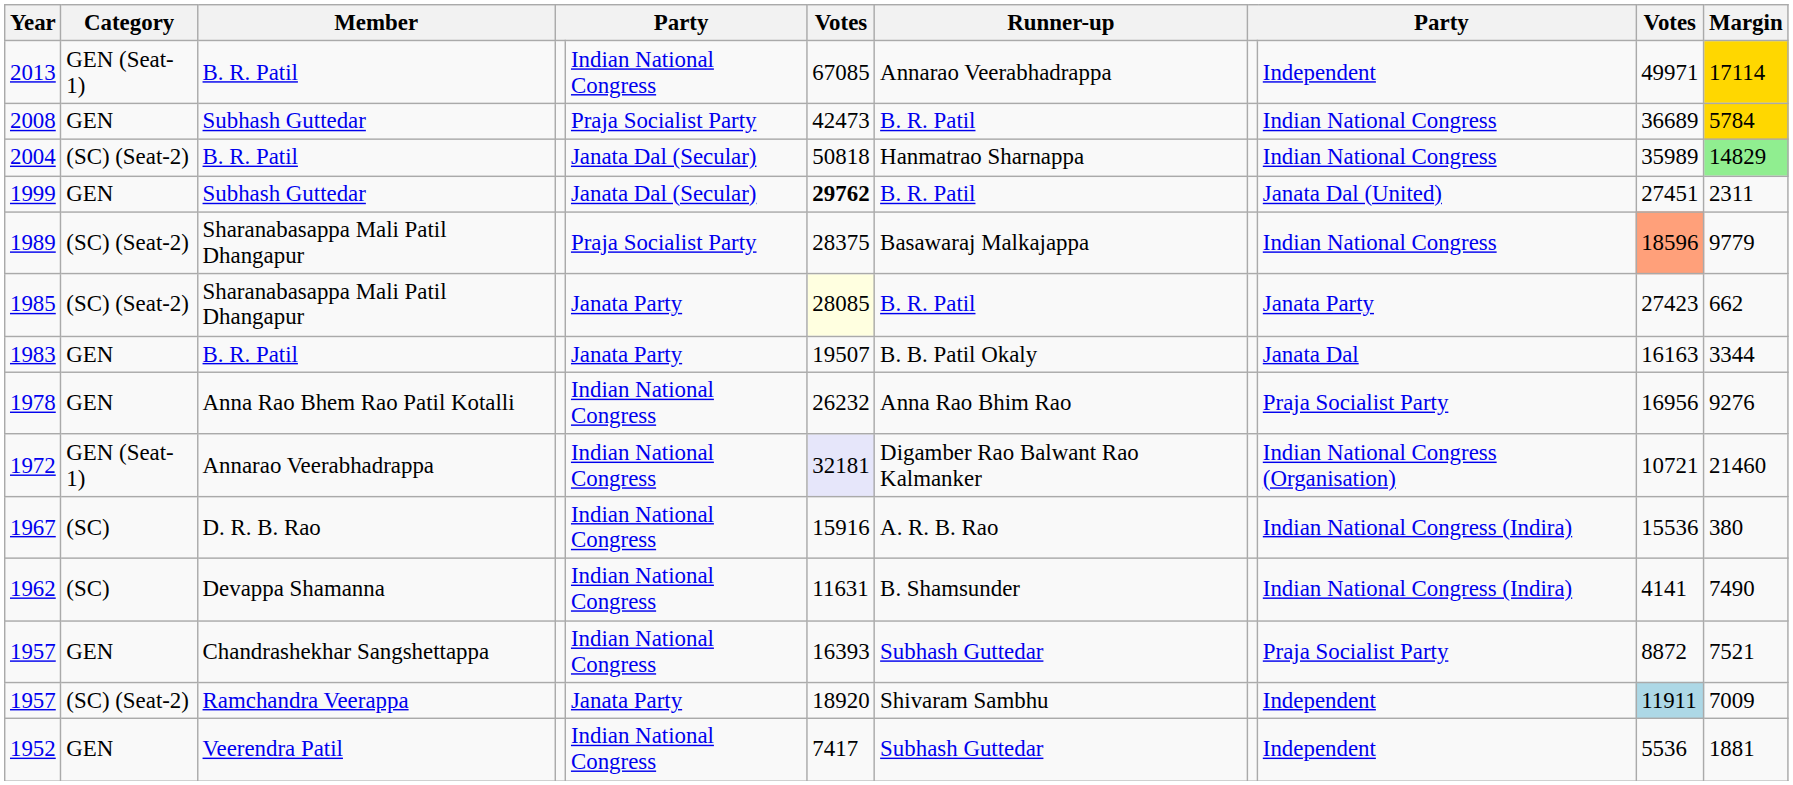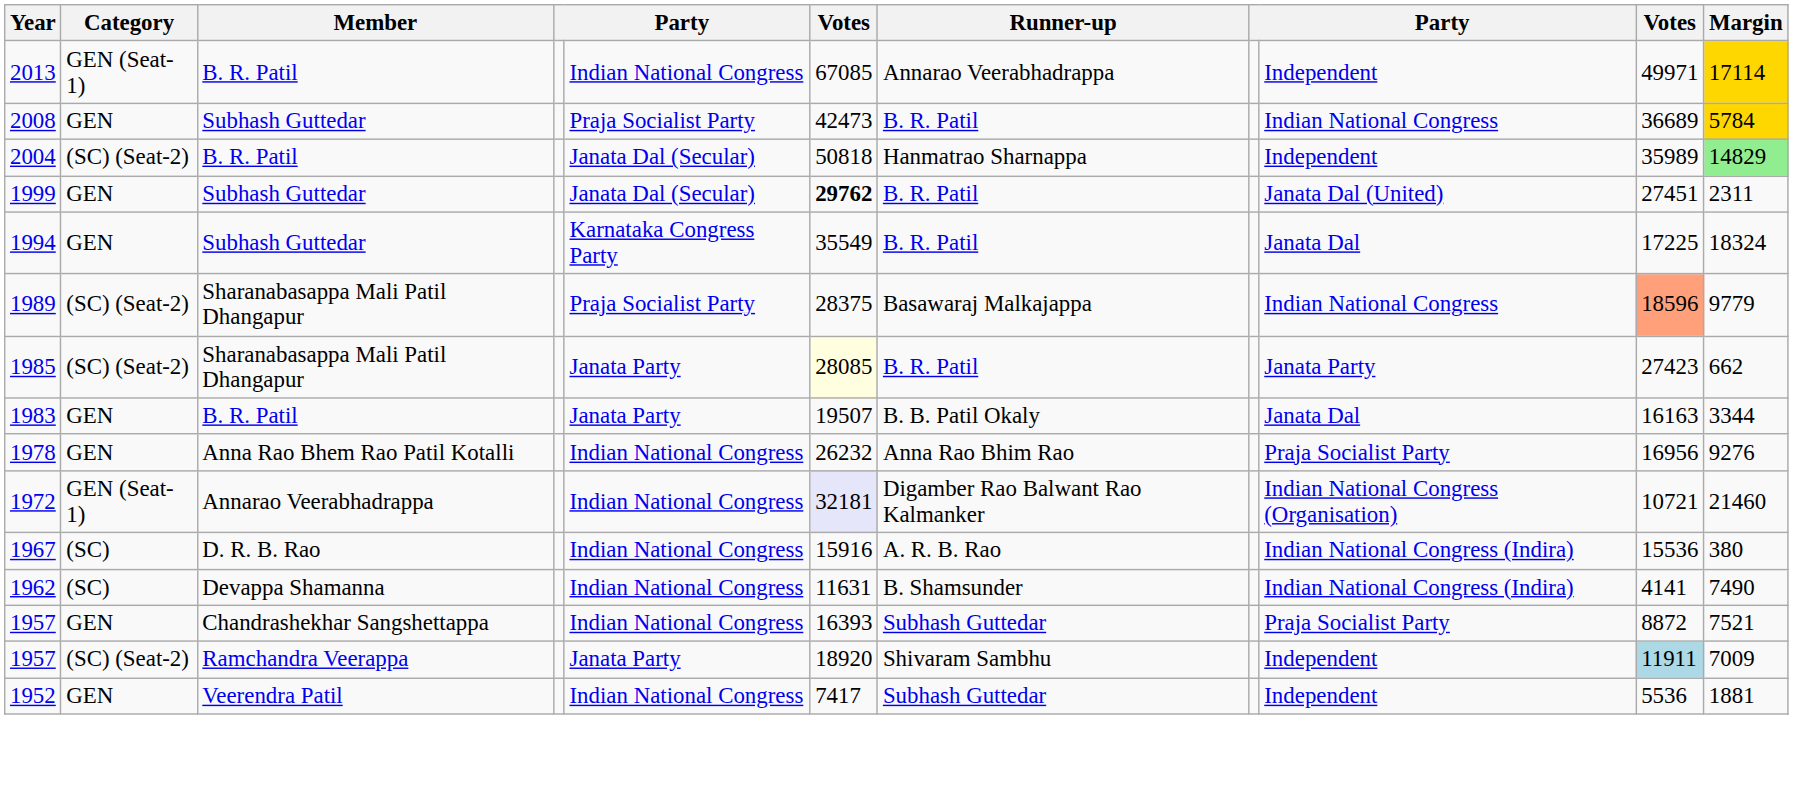 <table class="wikitable sortable">
 <tr>
 <th>Year</th>
 <th>Category</th>
 <th>Member</th>
 <th colspan="2">Party</th>
 <th>Votes</th>
 <th>Runner-up</th>
 <th colspan="2">Party</th>
 <th>Votes</th>
 <th>Margin</th>
 </tr>
 <tr>
 <td><a href='#'>2013</a></td>
 <td>GEN (Seat-1)</td>
 <td><a href='#'>B. R. Patil</a></td>
 <td style="background-color: "></td>
 <td><a href='#'>Indian National Congress</a></td>
 <td>67085</td>
 <td>Annarao Veerabhadrappa</td>
 <td style="background-color: "></td>
 <td><a href='#'>Independent</a></td>
 <td>49971</td>
 <td style="background: gold;">17114</td>
 </tr>
 <tr>
 <td><a href='#'>2008</a></td>
 <td>GEN</td>
 <td><a href='#'>Subhash Guttedar</a></td>
 <td style="background-color: "></td>
 <td><a href='#'>Praja Socialist Party</a></td>
 <td>42473</td>
 <td><a href='#'>B. R. Patil</a></td>
 <td style="background-color: "></td>
 <td><a href='#'>Indian National Congress</a></td>
 <td>36689</td>
 <td style="background: gold;">5784</td>
 </tr>
 <tr>
 <td><a href='#'>2004</a></td>
 <td>(SC) (Seat-2)</td>
 <td><a href='#'>B. R. Patil</a></td>
 <td style="background-color: "></td>
 <td><a href='#'>Janata Dal (Secular)</a></td>
 <td>50818</td>
 <td>Hanmatrao Sharnappa</td>
 <td style="background-color: "></td>
-<td><a href='#'>Indian National Congress</a></td>
+<td><a href='#'>Independent</a></td>
 <td>35989</td>
 <td style="background: lightgreen;">14829</td>
 </tr>
 <tr>
 <td><a href='#'>1999</a></td>
 <td>GEN</td>
 <td><a href='#'>Subhash Guttedar</a></td>
 <td style="background-color: "></td>
 <td><a href='#'>Janata Dal (Secular)</a></td>
 <td><strong>29762</strong></td>
 <td><a href='#'>B. R. Patil</a></td>
 <td style="background-color: "></td>
 <td><a href='#'>Janata Dal (United)</a></td>
 <td>27451</td>
 <td>2311</td>
+</tr>
+<tr>
+<td><a href='#'>1994</a></td>
+<td>GEN</td>
+<td><a href='#'>Subhash Guttedar</a></td>
+<td style="background-color: "></td>
+<td><a href='#'>Karnataka Congress Party</a></td>
+<td>35549</td>
+<td><a href='#'>B. R. Patil</a></td>
+<td style="background-color: "></td>
+<td><a href='#'>Janata Dal</a></td>
+<td>17225</td>
+<td>18324</td>
 </tr>
 <tr>
 <td><a href='#'>1989</a></td>
 <td>(SC) (Seat-2)</td>
 <td>Sharanabasappa Mali Patil Dhangapur</td>
 <td style="background-color: "></td>
 <td><a href='#'>Praja Socialist Party</a></td>
 <td>28375</td>
 <td>Basawaraj Malkajappa</td>
 <td style="background-color: "></td>
 <td><a href='#'>Indian National Congress</a></td>
 <td style="background: lightsalmon;">18596</td>
 <td>9779</td>
 </tr>
 <tr>
 <td><a href='#'>1985</a></td>
 <td>(SC) (Seat-2)</td>
 <td>Sharanabasappa Mali Patil Dhangapur</td>
 <td style="background-color: "></td>
 <td><a href='#'>Janata Party</a></td>
 <td style="background: lightyellow;">28085</td>
 <td><a href='#'>B. R. Patil</a></td>
 <td style="background-color: "></td>
 <td><a href='#'>Janata Party</a></td>
 <td>27423</td>
 <td>662</td>
 </tr>
 <tr>
 <td><a href='#'>1983</a></td>
 <td>GEN</td>
 <td><a href='#'>B. R. Patil</a></td>
 <td style="background-color: "></td>
 <td><a href='#'>Janata Party</a></td>
 <td>19507</td>
 <td>B. B. Patil Okaly</td>
 <td style="background-color: "></td>
 <td><a href='#'>Janata Dal</a></td>
 <td>16163</td>
 <td>3344</td>
 </tr>
 <tr>
 <td><a href='#'>1978</a></td>
 <td>GEN</td>
 <td>Anna Rao Bhem Rao Patil Kotalli</td>
 <td style="background-color: "></td>
 <td><a href='#'>Indian National Congress</a></td>
 <td>26232</td>
 <td>Anna Rao Bhim Rao</td>
 <td style="background-color: "></td>
 <td><a href='#'>Praja Socialist Party</a></td>
 <td>16956</td>
 <td>9276</td>
 </tr>
 <tr>
 <td><a href='#'>1972</a></td>
 <td>GEN (Seat-1)</td>
 <td>Annarao Veerabhadrappa</td>
 <td style="background-color: "></td>
 <td><a href='#'>Indian National Congress</a></td>
 <td style="background: lavender;">32181</td>
 <td>Digamber Rao Balwant Rao Kalmanker</td>
 <td style="background-color: "></td>
 <td><a href='#'>Indian National Congress (Organisation)</a></td>
 <td>10721</td>
 <td>21460</td>
 </tr>
 <tr>
 <td><a href='#'>1967</a></td>
 <td>(SC)</td>
 <td>D. R. B. Rao</td>
 <td style="background-color: "></td>
 <td><a href='#'>Indian National Congress</a></td>
 <td>15916</td>
 <td>A. R. B. Rao</td>
 <td style="background-color: "></td>
 <td><a href='#'>Indian National Congress (Indira)</a></td>
 <td>15536</td>
 <td>380</td>
 </tr>
 <tr>
 <td><a href='#'>1962</a></td>
 <td>(SC)</td>
 <td>Devappa Shamanna</td>
 <td style="background-color: "></td>
 <td><a href='#'>Indian National Congress</a></td>
 <td>11631</td>
 <td>B. Shamsunder</td>
 <td style="background-color: "></td>
 <td><a href='#'>Indian National Congress (Indira)</a></td>
 <td>4141</td>
 <td>7490</td>
 </tr>
 <tr>
 <td><a href='#'>1957</a></td>
 <td>GEN</td>
 <td>Chandrashekhar Sangshettappa</td>
 <td style="background-color: "></td>
 <td><a href='#'>Indian National Congress</a></td>
 <td>16393</td>
 <td><a href='#'>Subhash Guttedar</a></td>
 <td style="background-color: "></td>
 <td><a href='#'>Praja Socialist Party</a></td>
 <td>8872</td>
 <td>7521</td>
 </tr>
 <tr>
 <td><a href='#'>1957</a></td>
 <td>(SC) (Seat-2)</td>
 <td><a href='#'>Ramchandra Veerappa</a></td>
 <td style="background-color: "></td>
 <td><a href='#'>Janata Party</a></td>
 <td>18920</td>
 <td>Shivaram Sambhu</td>
 <td style="background-color: "></td>
 <td><a href='#'>Independent</a></td>
 <td style="background: lightblue;">11911</td>
 <td>7009</td>
 </tr>
 <tr>
 <td><a href='#'>1952</a></td>
 <td>GEN</td>
 <td><a href='#'>Veerendra Patil</a></td>
 <td style="background-color: "></td>
 <td><a href='#'>Indian National Congress</a></td>
 <td>7417</td>
 <td><a href='#'>Subhash Guttedar</a></td>
 <td style="background-color: "></td>
 <td><a href='#'>Independent</a></td>
 <td>5536</td>
 <td>1881</td>
 </tr>
 </table>
